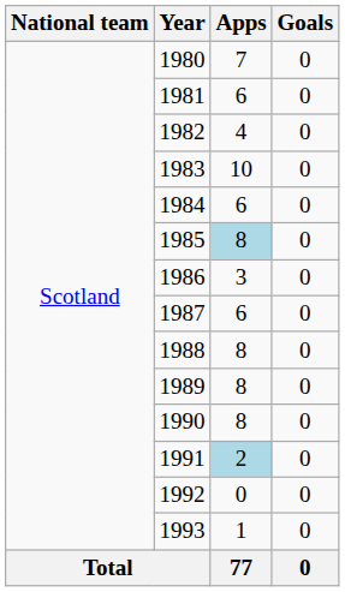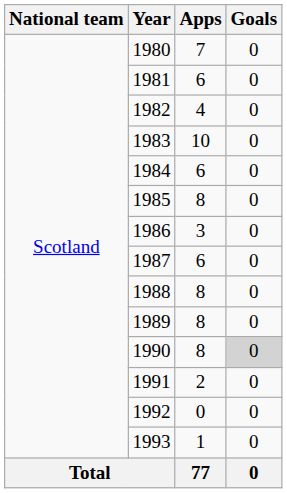 <table class="wikitable" style="text-align:center">
 <tr>
 <th>National team</th>
 <th>Year</th>
 <th>Apps</th>
 <th>Goals</th>
 </tr>
 <tr>
 <td rowspan="14"><a href='#'>Scotland</a></td>
 <td>1980</td>
 <td>7</td>
 <td>0</td>
 </tr>
 <tr>
 <td>1981</td>
 <td>6</td>
 <td>0</td>
 </tr>
 <tr>
 <td>1982</td>
 <td>4</td>
 <td>0</td>
 </tr>
 <tr>
 <td>1983</td>
 <td>10</td>
 <td>0</td>
 </tr>
 <tr>
 <td>1984</td>
 <td>6</td>
 <td>0</td>
 </tr>
 <tr>
 <td>1985</td>
-<td style="background: lightblue;">8</td>
+<td>8</td>
 <td>0</td>
 </tr>
 <tr>
 <td>1986</td>
 <td>3</td>
 <td>0</td>
 </tr>
 <tr>
 <td>1987</td>
 <td>6</td>
 <td>0</td>
 </tr>
 <tr>
 <td>1988</td>
 <td>8</td>
 <td>0</td>
 </tr>
 <tr>
 <td>1989</td>
 <td>8</td>
 <td>0</td>
 </tr>
 <tr>
 <td>1990</td>
 <td>8</td>
-<td>0</td>
+<td style="background: lightgrey;">0</td>
 </tr>
 <tr>
 <td>1991</td>
-<td style="background: lightblue;">2</td>
+<td>2</td>
 <td>0</td>
 </tr>
 <tr>
 <td>1992</td>
 <td>0</td>
 <td>0</td>
 </tr>
 <tr>
 <td>1993</td>
 <td>1</td>
 <td>0</td>
 </tr>
 <tr>
 <th colspan="2">Total</th>
 <th>77</th>
 <th>0</th>
 </tr>
 </table>
